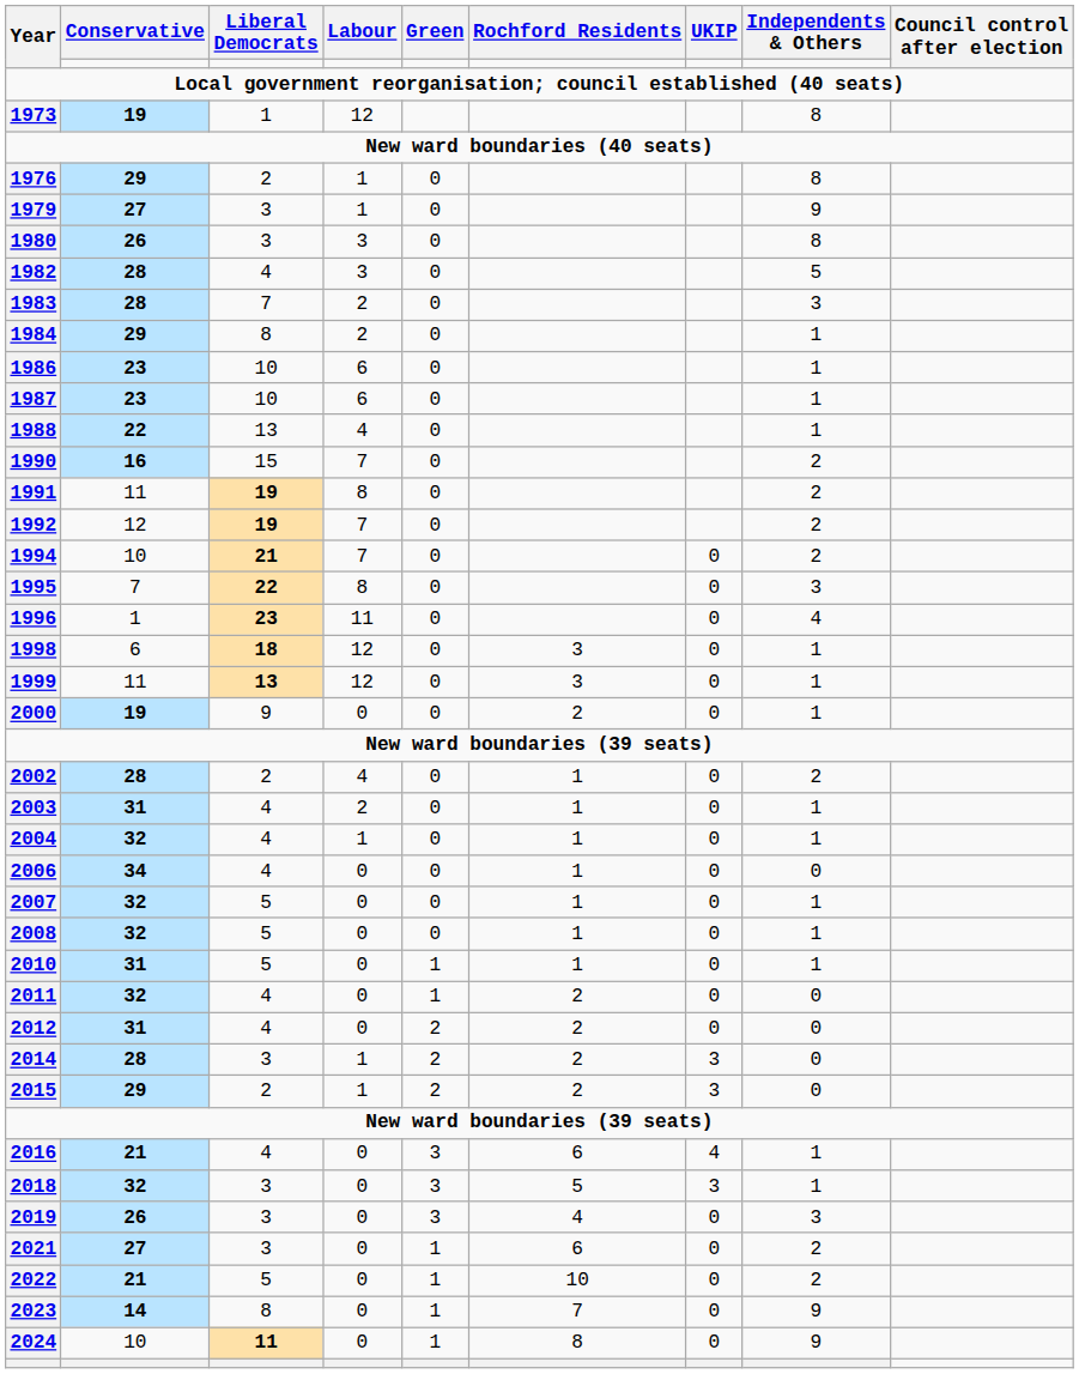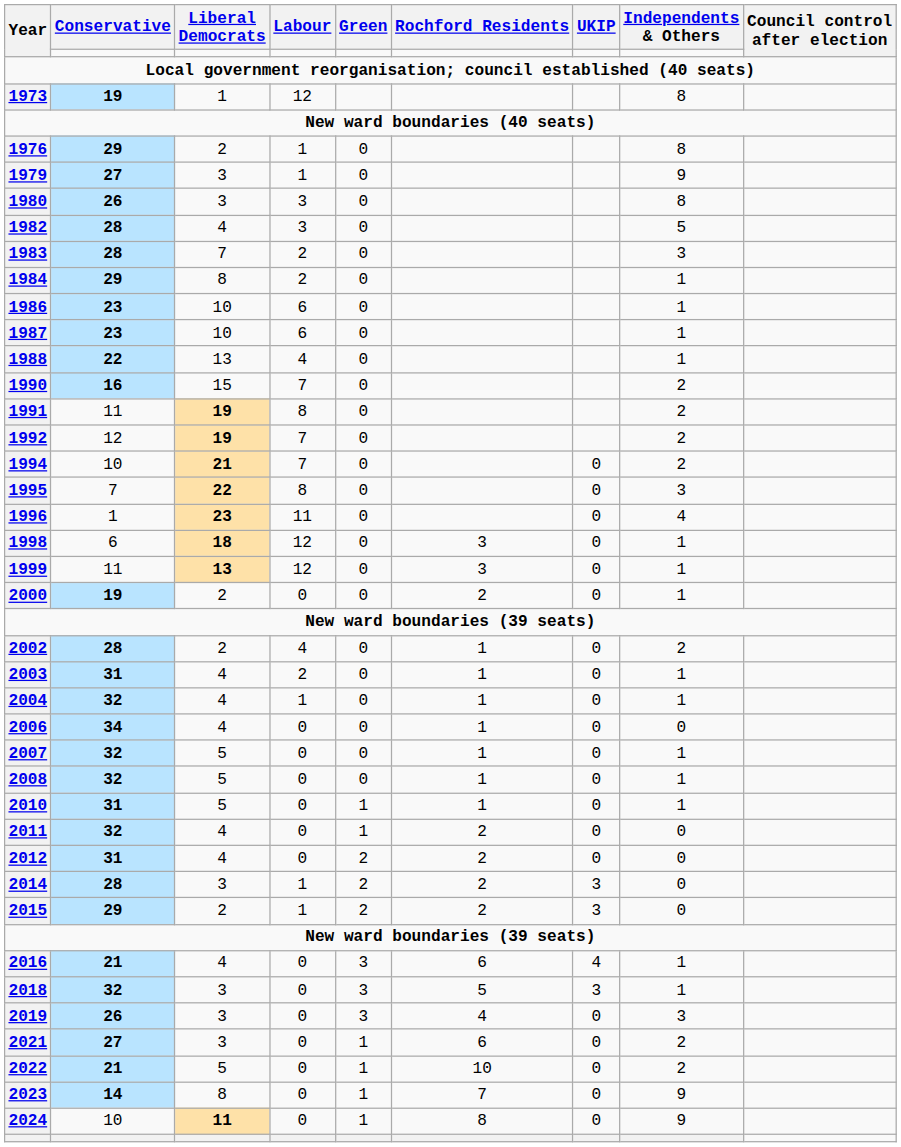 <table class="wikitable plainrowheaders" style="text-align:center">
 <tr>
 <th scope="col" rowspan="2">Year</th>
 <th scope="col"><a href='#'>Conservative</a></th>
 <th scope="col" style="width:1px"><a href='#'>Liberal Democrats</a></th>
 <th scope="col"><a href='#'>Labour</a></th>
 <th scope="col"><a href='#'>Green</a></th>
 <th scope="col"><a href='#'>Rochford Residents</a></th>
 <th scope="col"><a href='#'>UKIP</a></th>
 <th scope="col"><a href='#'>Independents</a><br>& Others</th>
 <th scope="col" rowspan="2" colspan="2">Council control<br>after election</th>
 </tr>
 <tr>
 <td style="background:"></td>
 <td style="background:"></td>
 <td style="background:"></td>
 <td style="background:"></td>
 <td style="background:"></td>
 <td style="background:"></td>
 <td style="background:"></td>
 </tr>
 <tr>
 <td colspan="10"><strong>Local government reorganisation; council established (40 seats)</strong></td>
 </tr>
 <tr>
 <th scope="row"><a href='#'>1973</a></th>
 <td style="background:#B9E4FF;"><strong>19</strong></td>
 <td>1</td>
 <td>12</td>
 <td></td>
 <td></td>
 <td></td>
 <td>8</td>
 <td></td>
 </tr>
 <tr>
 <td colspan="10"><strong>New ward boundaries (40 seats)</strong></td>
 </tr>
 <tr>
 <th scope="row"><a href='#'>1976</a></th>
 <td style="background:#B9E4FF;"><strong>29</strong></td>
 <td>2</td>
 <td>1</td>
 <td>0</td>
 <td></td>
 <td></td>
 <td>8</td>
 <td></td>
 </tr>
 <tr>
 <th scope="row"><a href='#'>1979</a></th>
 <td style="background:#B9E4FF;"><strong>27</strong></td>
 <td>3</td>
 <td>1</td>
 <td>0</td>
 <td></td>
 <td></td>
 <td>9</td>
 <td></td>
 </tr>
 <tr>
 <th scope="row"><a href='#'>1980</a></th>
 <td style="background:#B9E4FF;"><strong>26</strong></td>
 <td>3</td>
 <td>3</td>
 <td>0</td>
 <td></td>
 <td></td>
 <td>8</td>
 <td></td>
 </tr>
 <tr>
 <th scope="row"><a href='#'>1982</a></th>
 <td style="background:#B9E4FF;"><strong>28</strong></td>
 <td>4</td>
 <td>3</td>
 <td>0</td>
 <td></td>
 <td></td>
 <td>5</td>
 <td></td>
 </tr>
 <tr>
 <th scope="row"><a href='#'>1983</a></th>
 <td style="background:#B9E4FF;"><strong>28</strong></td>
 <td>7</td>
 <td>2</td>
 <td>0</td>
 <td></td>
 <td></td>
 <td>3</td>
 <td></td>
 </tr>
 <tr>
 <th scope="row"><a href='#'>1984</a></th>
 <td style="background:#B9E4FF;"><strong>29</strong></td>
 <td>8</td>
 <td>2</td>
 <td>0</td>
 <td></td>
 <td></td>
 <td>1</td>
 <td></td>
 </tr>
 <tr>
 <th scope="row"><a href='#'>1986</a></th>
 <td style="background:#B9E4FF;"><strong>23</strong></td>
 <td>10</td>
 <td>6</td>
 <td>0</td>
 <td></td>
 <td></td>
 <td>1</td>
 <td></td>
 </tr>
 <tr>
 <th scope="row"><a href='#'>1987</a></th>
 <td style="background:#B9E4FF;"><strong>23</strong></td>
 <td>10</td>
 <td>6</td>
 <td>0</td>
 <td></td>
 <td></td>
 <td>1</td>
 <td></td>
 </tr>
 <tr>
 <th scope="row"><a href='#'>1988</a></th>
 <td style="background:#B9E4FF;"><strong>22</strong></td>
 <td>13</td>
 <td>4</td>
 <td>0</td>
 <td></td>
 <td></td>
 <td>1</td>
 <td></td>
 </tr>
 <tr>
 <th scope="row"><a href='#'>1990</a></th>
 <td style="background:#B9E4FF;"><strong>16</strong></td>
 <td>15</td>
 <td>7</td>
 <td>0</td>
 <td></td>
 <td></td>
 <td>2</td>
 <td></td>
 </tr>
 <tr>
 <th scope="row"><a href='#'>1991</a></th>
 <td>11</td>
 <td style="background:#FEE1A8"><strong>19</strong></td>
 <td>8</td>
 <td>0</td>
 <td></td>
 <td></td>
 <td>2</td>
 <td></td>
 </tr>
 <tr>
 <th scope="row"><a href='#'>1992</a></th>
 <td>12</td>
 <td style="background:#FEE1A8"><strong>19</strong></td>
 <td>7</td>
 <td>0</td>
 <td></td>
 <td></td>
 <td>2</td>
 <td></td>
 </tr>
 <tr>
 <th scope="row"><a href='#'>1994</a></th>
 <td>10</td>
 <td style="background:#FEE1A8"><strong>21</strong></td>
 <td>7</td>
 <td>0</td>
 <td></td>
 <td>0</td>
 <td>2</td>
 <td></td>
 </tr>
 <tr>
 <th scope="row"><a href='#'>1995</a></th>
 <td>7</td>
 <td style="background:#FEE1A8"><strong>22</strong></td>
 <td>8</td>
 <td>0</td>
 <td></td>
 <td>0</td>
 <td>3</td>
 <td></td>
 </tr>
 <tr>
 <th scope="row"><a href='#'>1996</a></th>
 <td>1</td>
 <td style="background:#FEE1A8"><strong>23</strong></td>
 <td>11</td>
 <td>0</td>
 <td></td>
 <td>0</td>
 <td>4</td>
 <td></td>
 </tr>
 <tr>
 <th scope="row"><a href='#'>1998</a></th>
 <td>6</td>
 <td style="background:#FEE1A8"><strong>18</strong></td>
 <td>12</td>
 <td>0</td>
 <td>3</td>
 <td>0</td>
 <td>1</td>
 <td></td>
 </tr>
 <tr>
 <th scope="row"><a href='#'>1999</a></th>
 <td>11</td>
 <td style="background:#FEE1A8"><strong>13</strong></td>
 <td>12</td>
 <td>0</td>
 <td>3</td>
 <td>0</td>
 <td>1</td>
 <td></td>
 </tr>
 <tr>
 <th scope="row"><a href='#'>2000</a></th>
 <td style="background:#B9E4FF;"><strong>19</strong></td>
-<td>9</td>
+<td>2</td>
 <td>0</td>
 <td>0</td>
 <td>2</td>
 <td>0</td>
 <td>1</td>
 <td></td>
 </tr>
 <tr>
 <td colspan="10"><strong>New ward boundaries (39 seats)</strong></td>
 </tr>
 <tr>
 <th scope="row"><a href='#'>2002</a></th>
 <td style="background:#B9E4FF;"><strong>28</strong></td>
 <td>2</td>
 <td>4</td>
 <td>0</td>
 <td>1</td>
 <td>0</td>
 <td>2</td>
 <td></td>
 </tr>
 <tr>
 <th scope="row"><a href='#'>2003</a></th>
 <td style="background:#B9E4FF;"><strong>31</strong></td>
 <td>4</td>
 <td>2</td>
 <td>0</td>
 <td>1</td>
 <td>0</td>
 <td>1</td>
 <td></td>
 </tr>
 <tr>
 <th scope="row"><a href='#'>2004</a></th>
 <td style="background:#B9E4FF;"><strong>32</strong></td>
 <td>4</td>
 <td>1</td>
 <td>0</td>
 <td>1</td>
 <td>0</td>
 <td>1</td>
 <td></td>
 </tr>
 <tr>
 <th scope="row"><a href='#'>2006</a></th>
 <td style="background:#B9E4FF;"><strong>34</strong></td>
 <td>4</td>
 <td>0</td>
 <td>0</td>
 <td>1</td>
 <td>0</td>
 <td>0</td>
 <td></td>
 </tr>
 <tr>
 <th scope="row"><a href='#'>2007</a></th>
 <td style="background:#B9E4FF;"><strong>32</strong></td>
 <td>5</td>
 <td>0</td>
 <td>0</td>
 <td>1</td>
 <td>0</td>
 <td>1</td>
 <td></td>
 </tr>
 <tr>
 <th scope="row"><a href='#'>2008</a></th>
 <td style="background:#B9E4FF;"><strong>32</strong></td>
 <td>5</td>
 <td>0</td>
 <td>0</td>
 <td>1</td>
 <td>0</td>
 <td>1</td>
 <td></td>
 </tr>
 <tr>
 <th scope="row"><a href='#'>2010</a></th>
 <td style="background:#B9E4FF;"><strong>31</strong></td>
 <td>5</td>
 <td>0</td>
 <td>1</td>
 <td>1</td>
 <td>0</td>
 <td>1</td>
 <td></td>
 </tr>
 <tr>
 <th scope="row"><a href='#'>2011</a></th>
 <td style="background:#B9E4FF;"><strong>32</strong></td>
 <td>4</td>
 <td>0</td>
 <td>1</td>
 <td>2</td>
 <td>0</td>
 <td>0</td>
 <td></td>
 </tr>
 <tr>
 <th scope="row"><a href='#'>2012</a></th>
 <td style="background:#B9E4FF;"><strong>31</strong></td>
 <td>4</td>
 <td>0</td>
 <td>2</td>
 <td>2</td>
 <td>0</td>
 <td>0</td>
 <td></td>
 </tr>
 <tr>
 <th scope="row"><a href='#'>2014</a></th>
 <td style="background:#B9E4FF;"><strong>28</strong></td>
 <td>3</td>
 <td>1</td>
 <td>2</td>
 <td>2</td>
 <td>3</td>
 <td>0</td>
 <td></td>
 </tr>
 <tr>
 <th scope="row"><a href='#'>2015</a></th>
 <td style="background:#B9E4FF;"><strong>29</strong></td>
 <td>2</td>
 <td>1</td>
 <td>2</td>
 <td>2</td>
 <td>3</td>
 <td>0</td>
 <td></td>
 </tr>
 <tr>
 <td colspan="10"><strong>New ward boundaries (39 seats)</strong></td>
 </tr>
 <tr>
 <th scope="row"><a href='#'>2016</a></th>
 <td style="background:#B9E4FF;"><strong>21</strong></td>
 <td>4</td>
 <td>0</td>
 <td>3</td>
 <td>6</td>
 <td>4</td>
 <td>1</td>
 <td></td>
 </tr>
 <tr>
 <th scope="row"><a href='#'>2018</a></th>
 <td style="background:#B9E4FF;"><strong>32</strong></td>
 <td>3</td>
 <td>0</td>
 <td>3</td>
 <td>5</td>
 <td>3</td>
 <td>1</td>
 <td></td>
 </tr>
 <tr>
 <th scope="row"><a href='#'>2019</a></th>
 <td style="background:#B9E4FF;"><strong>26</strong></td>
 <td>3</td>
 <td>0</td>
 <td>3</td>
 <td>4</td>
 <td>0</td>
 <td>3</td>
 <td></td>
 </tr>
 <tr>
 <th scope="row"><a href='#'>2021</a></th>
 <td style="background:#B9E4FF;"><strong>27</strong></td>
 <td>3</td>
 <td>0</td>
 <td>1</td>
 <td>6</td>
 <td>0</td>
 <td>2</td>
 <td></td>
 </tr>
 <tr>
 <th scope="row"><a href='#'>2022</a></th>
 <td style="background:#B9E4FF;"><strong>21</strong></td>
 <td>5</td>
 <td>0</td>
 <td>1</td>
 <td>10</td>
 <td>0</td>
 <td>2</td>
 <td></td>
 </tr>
 <tr>
 <th scope="row"><a href='#'>2023</a></th>
 <td style="background:#B9E4FF;"><strong>14</strong></td>
 <td>8</td>
 <td>0</td>
 <td>1</td>
 <td>7</td>
 <td>0</td>
 <td>9</td>
 <td></td>
 </tr>
 <tr>
 <th scope="row"><a href='#'>2024</a></th>
 <td>10</td>
 <td style="background:#FEE1A8"><strong>11</strong></td>
 <td>0</td>
 <td>1</td>
 <td>8</td>
 <td>0</td>
 <td>9</td>
 <td></td>
 </tr>
 <tr>
 <th></th>
 <th style="background-color: "></th>
 <th style="background-color: "></th>
 <th style="background-color: "></th>
 <th style="background-color: "></th>
 <th style="background-color: "></th>
 <th style="background-color: "></th>
 <th style="background-color: "></th>
 </tr>
 </table>
